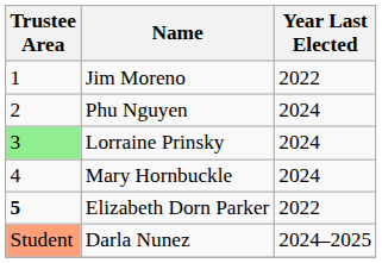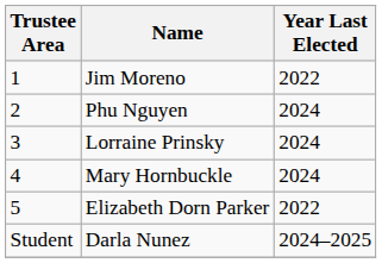 <table class="wikitable">
 <tr>
 <th>Trustee<br>Area</th>
 <th>Name</th>
 <th>Year Last<br>Elected</th>
 </tr>
 <tr>
 <td>1</td>
 <td>Jim Moreno</td>
 <td>2022</td>
 </tr>
 <tr>
 <td>2</td>
 <td>Phu Nguyen</td>
 <td>2024</td>
 </tr>
 <tr>
-<td style="background: lightgreen;">3</td>
+<td>3</td>
 <td>Lorraine Prinsky</td>
 <td>2024</td>
 </tr>
 <tr>
 <td>4</td>
 <td>Mary Hornbuckle</td>
 <td>2024</td>
 </tr>
 <tr>
-<td><strong>5</strong></td>
+<td>5</td>
 <td>Elizabeth Dorn Parker</td>
 <td>2022</td>
 </tr>
 <tr>
-<td style="background: lightsalmon;">Student</td>
+<td>Student</td>
 <td>Darla Nunez</td>
 <td>2024–2025</td>
 </tr>
 <tr>
 </tr>
 </table>
